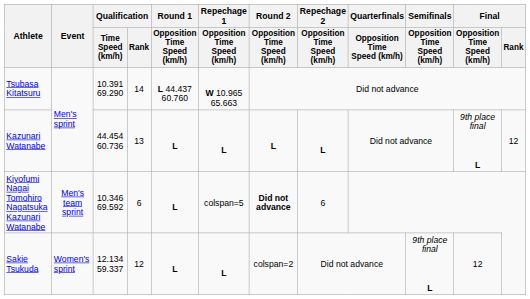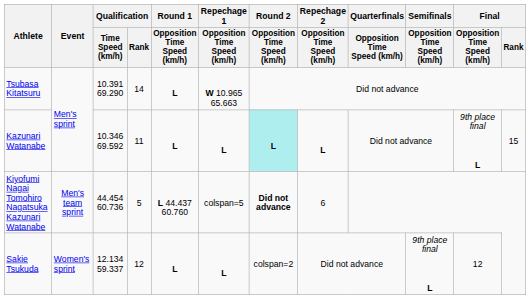 <table class="wikitable" style="font-size:90%;">
 <tr>
 <th rowspan="2">Athlete</th>
 <th rowspan="2">Event</th>
 <th colspan=2>Qualification</th>
 <th>Round 1</th>
 <th>Repechage 1</th>
 <th>Round 2</th>
 <th>Repechage 2</th>
 <th>Quarterfinals</th>
 <th>Semifinals</th>
 <th colspan=2>Final</th>
 </tr>
 <tr style="font-size:95%">
 <th>Time<br>Speed (km/h)</th>
 <th>Rank</th>
 <th>Opposition<br>Time<br>Speed (km/h)</th>
 <th>Opposition<br>Time<br>Speed (km/h)</th>
 <th>Opposition<br>Time<br>Speed (km/h)</th>
 <th>Opposition<br>Time<br>Speed (km/h)</th>
 <th>Opposition<br>Time<br>Speed (km/h)</th>
 <th>Opposition<br>Time<br>Speed (km/h)</th>
 <th>Opposition<br>Time<br>Speed (km/h)</th>
 <th>Rank</th>
 </tr>
 <tr align=center>
 <td align=left><a href='#'>Tsubasa Kitatsuru</a></td>
 <td align=left rowspan=2><a href='#'>Men's sprint</a></td>
 <td>10.391<br>69.290</td>
 <td>14</td>
-<td><br><strong>L</strong> 44.437<br>60.760</td>
+<td><br><strong>L</strong></td>
 <td><br><br><strong>W</strong> 10.965<br>65.663</td>
 <td colspan=6>Did not advance</td>
 </tr>
 <tr align=center>
 <td align=left><a href='#'>Kazunari Watanabe</a></td>
-<td>44.454<br>60.736</td>
-<td>13</td>
+<td>10.346<br>69.592</td>
+<td>11</td>
 <td><br><strong>L</strong></td>
 <td><br><br><strong>L</strong></td>
-<td><br><strong>L</strong></td>
+<td style="background: paleturquoise;"><br><strong>L</strong></td>
 <td><br><br><strong>L</strong></td>
 <td colspan=2>Did not advance</td>
 <td><em>9th place final</em><br><br><br><br><strong>L</strong></td>
-<td>12</td>
+<td>15</td>
 </tr>
 <tr align=center>
 <td align=left><a href='#'>Kiyofumi Nagai</a><br><a href='#'>Tomohiro Nagatsuka</a><br><a href='#'>Kazunari Watanabe</a></td>
 <td><a href='#'>Men's team sprint</a></td>
-<td>10.346<br>69.592</td>
-<td>6</td>
-<td><br><strong>L</strong></td>
+<td>44.454<br>60.736</td>
+<td>5</td>
+<td><br><strong>L</strong> 44.437<br>60.760</td>
 <td>colspan=5 </td>
 <td><strong>Did not advance</strong></td>
 <td>6</td>
 </tr>
 <tr align=center>
 <td align=left><a href='#'>Sakie Tsukuda</a></td>
 <td align=left><a href='#'>Women's sprint</a></td>
 <td>12.134<br>59.337</td>
 <td>12</td>
 <td><br><strong>L</strong></td>
 <td><br><br><strong>L</strong></td>
 <td>colspan=2 </td>
 <td colspan=2>Did not advance</td>
 <td><em>9th place final</em><br><br><br><br><strong>L</strong></td>
 <td>12</td>
 </tr>
 </table>
